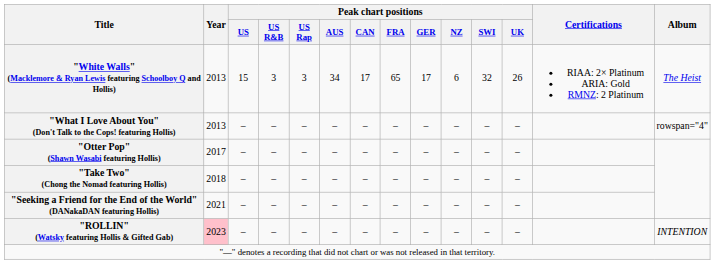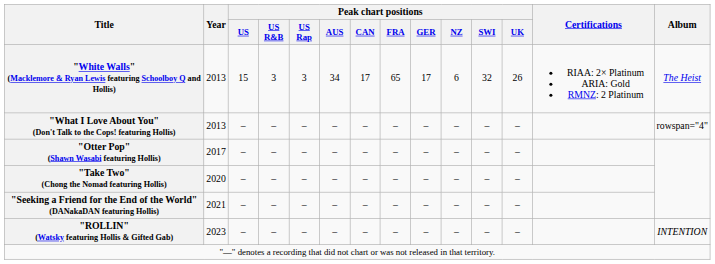 <table class="wikitable plainrowheaders" style="text-align:center;">
 <tr>
 <th scope="col" rowspan="2" style="width:20em;">Title</th>
 <th scope="col" rowspan="2">Year</th>
 <th scope="col" colspan="10">Peak chart positions</th>
 <th scope="col" rowspan="2" style="width:12em;"><a href='#'>Certifications</a></th>
 <th scope="col" rowspan="2">Album</th>
 </tr>
 <tr>
 <th scope="col" style="width:3em;font-size:90%;"><a href='#'>US</a><br></th>
 <th scope="col" style="width:3em;font-size:90%;"><a href='#'>US<br>R&B</a><br></th>
 <th scope="col" style="width:3em;font-size:90%;"><a href='#'>US<br>Rap</a><br></th>
 <th scope="col" style="width:3em;font-size:90%;"><a href='#'>AUS</a><br></th>
 <th scope="col" style="width:3em;font-size:90%;"><a href='#'>CAN</a><br></th>
 <th scope="col" style="width:3em;font-size:90%;"><a href='#'>FRA</a><br></th>
 <th scope="col" style="width:3em;font-size:90%;"><a href='#'>GER</a><br></th>
 <th scope="col" style="width:3em;font-size:90%;"><a href='#'>NZ</a><br></th>
 <th scope="col" style="width:3em;font-size:90%;"><a href='#'>SWI</a><br></th>
 <th scope="col" style="width:3em;font-size:90%;"><a href='#'>UK</a><br></th>
 </tr>
 <tr>
 <th scope="row">"<a href='#'>White Walls</a>"<br><small>(<a href='#'>Macklemore & Ryan Lewis</a> featuring <a href='#'>Schoolboy Q</a> and Hollis)</small></th>
 <td>2013</td>
 <td>15</td>
 <td>3</td>
 <td>3</td>
 <td>34</td>
 <td>17</td>
 <td>65</td>
 <td>17</td>
 <td>6</td>
 <td>32</td>
 <td>26</td>
 <td><br><ul><li>RIAA: 2× Platinum</li><li>ARIA: Gold</li><li><a href='#'>RMNZ</a>: 2 Platinum</li></ul></td>
 <td><em><a href='#'>The Heist</a></em></td>
 </tr>
 <tr>
 <th scope="row">"What I Love About You"<br><small>(Don't Talk to the Cops! featuring Hollis)</small></th>
 <td>2013</td>
 <td>–</td>
 <td>–</td>
 <td>–</td>
 <td>–</td>
 <td>–</td>
 <td>–</td>
 <td>–</td>
 <td>–</td>
 <td>–</td>
 <td>–</td>
 <td></td>
 <td>rowspan="4" </td>
 </tr>
 <tr>
 <th scope="row">"Otter Pop"<br><small>(<a href='#'>Shawn Wasabi</a> featuring Hollis)</small></th>
 <td>2017</td>
 <td>–</td>
 <td>–</td>
 <td>–</td>
 <td>–</td>
 <td>–</td>
 <td>–</td>
 <td>–</td>
 <td>–</td>
 <td>–</td>
 <td>–</td>
 <td></td>
 </tr>
 <tr>
 <th scope="row">"Take Two"<br><small>(Chong the Nomad featuring Hollis)</small></th>
-<td>2018</td>
+<td>2020</td>
 <td>–</td>
 <td>–</td>
 <td>–</td>
 <td>–</td>
 <td>–</td>
 <td>–</td>
 <td>–</td>
 <td>–</td>
 <td>–</td>
 <td>–</td>
 <td></td>
 </tr>
 <tr>
 <th scope="row">"Seeking a Friend for the End of the World"<br><small>(DANakaDAN featuring Hollis)</small></th>
 <td>2021</td>
 <td>–</td>
 <td>–</td>
 <td>–</td>
 <td>–</td>
 <td>–</td>
 <td>–</td>
 <td>–</td>
 <td>–</td>
 <td>–</td>
 <td>–</td>
 <td></td>
 </tr>
 <tr>
 <th scope="row">"ROLLIN"<br><small>(<a href='#'>Watsky</a> featuring Hollis & Gifted Gab)</small></th>
-<td style="background: pink;">2023</td>
+<td>2023</td>
 <td>–</td>
 <td>–</td>
 <td>–</td>
 <td>–</td>
 <td>–</td>
 <td>–</td>
 <td>–</td>
 <td>–</td>
 <td>–</td>
 <td>–</td>
 <td></td>
 <td><em>INTENTION</em></td>
 </tr>
 <tr>
 <td colspan="14" style="font-size:90%">"—" denotes a recording that did not chart or was not released in that territory.</td>
 </tr>
 </table>
